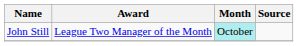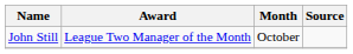 <table class="wikitable sortable" style="text-align:left; font-size:95%;">
 <tr>
 <th>Name</th>
 <th>Award</th>
 <th>Month</th>
 <th>Source</th>
 </tr>
 <tr>
 <td> <a href='#'>John Still</a></td>
 <td><a href='#'>League Two Manager of the Month</a></td>
-<td style="background: paleturquoise;">October</td>
+<td>October</td>
 <td></td>
 </tr>
 <tr>
 </tr>
 </table>
